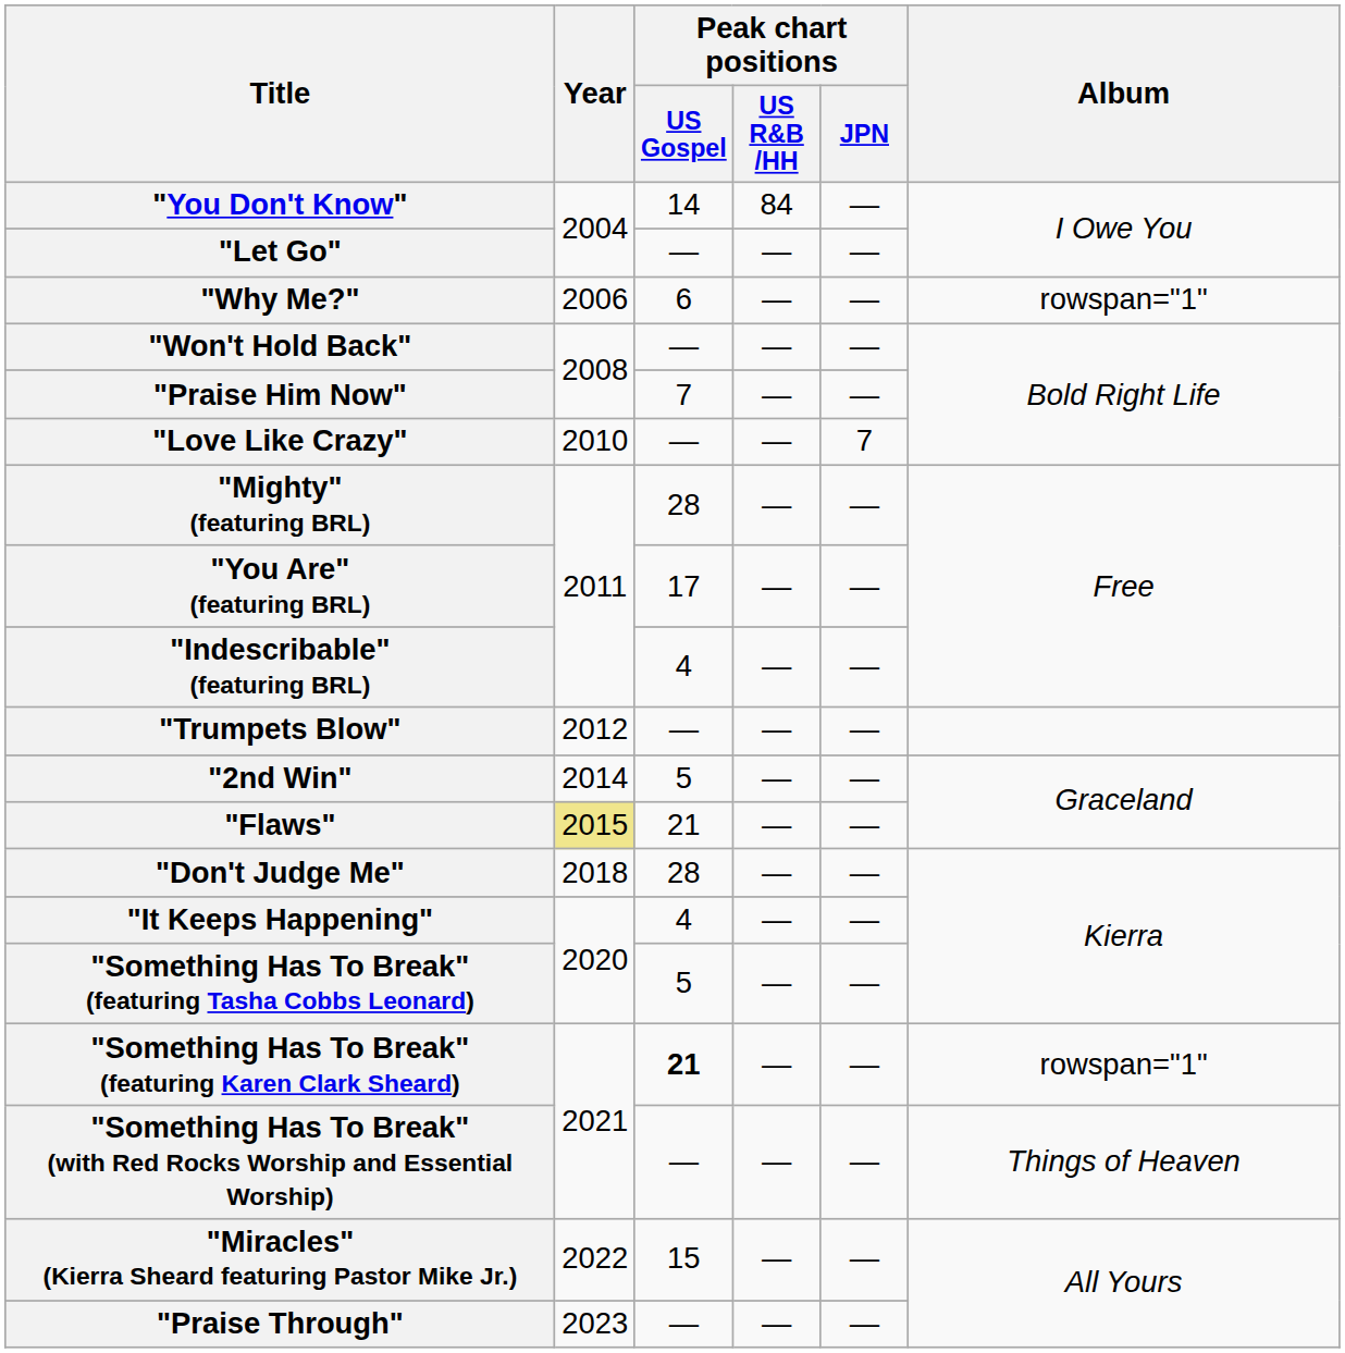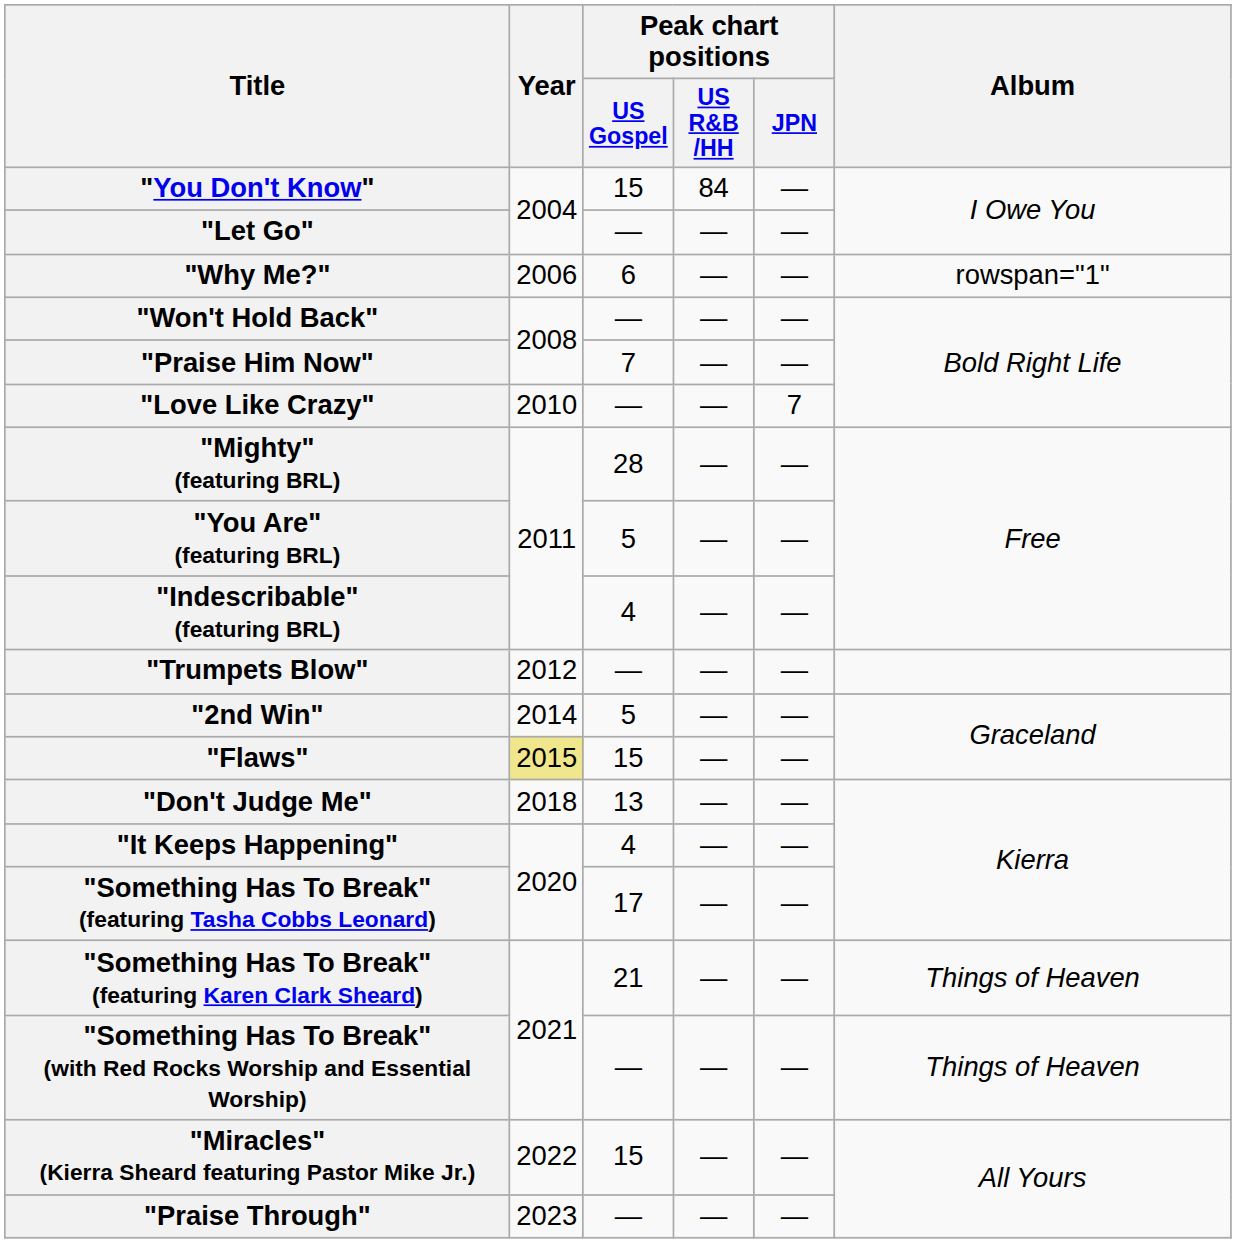 <table class="wikitable plainrowheaders" style="text-align:center;" border="1">
 <tr>
 <th scope="col" rowspan="2" style="width:18em;">Title</th>
 <th scope="col" rowspan="2" style="width:2em;">Year</th>
 <th scope="col" colspan="3">Peak chart positions</th>
 <th scope="col" rowspan="2" style="width:14em;">Album</th>
 </tr>
 <tr>
 <th scope="col" style="width:3em;font-size:85%;"><a href='#'>US<br>Gospel</a><br></th>
 <th scope="col" style="width:3em;font-size:85%;"><a href='#'>US<br>R&B<br>/HH</a><br></th>
 <th scope="col" style="width:3em;font-size:85%;"><a href='#'>JPN</a><br></th>
 </tr>
 <tr>
 <th scope="row">"<a href='#'>You Don't Know</a>"</th>
 <td rowspan="2">2004</td>
-<td>14</td>
+<td>15</td>
 <td>84</td>
 <td>—</td>
 <td rowspan="2"><em>I Owe You</em></td>
 </tr>
 <tr>
 <th scope="row">"Let Go"</th>
 <td>—</td>
 <td>—</td>
 <td>—</td>
 </tr>
 <tr>
 <th scope="row">"Why Me?"</th>
 <td rowspan="1">2006</td>
 <td>6</td>
 <td>—</td>
 <td>—</td>
 <td>rowspan="1" </td>
 </tr>
 <tr>
 <th scope="row">"Won't Hold Back"</th>
 <td rowspan="2">2008</td>
 <td>—</td>
 <td>—</td>
 <td>—</td>
 <td rowspan="3"><em>Bold Right Life</em></td>
 </tr>
 <tr>
 <th scope="row">"Praise Him Now"</th>
 <td>7</td>
 <td>—</td>
 <td>—</td>
 </tr>
 <tr>
 <th scope="row">"Love Like Crazy"</th>
 <td rowspan="1">2010</td>
 <td>—</td>
 <td>—</td>
 <td>7</td>
 </tr>
 <tr>
 <th scope="row">"Mighty"<br><small>(featuring BRL)</small></th>
 <td rowspan="3">2011</td>
 <td>28</td>
 <td>—</td>
 <td>—</td>
 <td rowspan="3"><em>Free</em></td>
 </tr>
 <tr>
 <th scope="row">"You Are"<br><small>(featuring BRL)</small></th>
-<td>17</td>
+<td>5</td>
 <td>—</td>
 <td>—</td>
 </tr>
 <tr>
 <th scope="row">"Indescribable"<br><small>(featuring BRL)</small></th>
 <td>4</td>
 <td>—</td>
 <td>—</td>
 </tr>
 <tr>
 <th scope="row">"Trumpets Blow"</th>
 <td rowspan="1">2012</td>
 <td>—</td>
 <td>—</td>
 <td>—</td>
 <td></td>
 </tr>
 <tr>
 <th scope="row">"2nd Win"</th>
 <td rowspan="1">2014</td>
 <td>5</td>
 <td>—</td>
 <td>—</td>
 <td rowspan="2"><em>Graceland</em></td>
 </tr>
 <tr>
 <th scope="row">"Flaws"</th>
 <td rowspan="1" style="background: khaki;">2015</td>
-<td>21</td>
+<td>15</td>
 <td>—</td>
 <td>—</td>
 </tr>
 <tr>
 <th scope="row">"Don't Judge Me"</th>
 <td rowspan="1">2018</td>
-<td>28</td>
+<td>13</td>
 <td>—</td>
 <td>—</td>
 <td rowspan="3"><em>Kierra</em></td>
 </tr>
 <tr>
 <th scope="row">"It Keeps Happening"</th>
 <td rowspan="2">2020</td>
 <td>4</td>
 <td>—</td>
 <td>—</td>
 </tr>
 <tr>
 <th scope="row">"Something Has To Break"<br><small>(featuring <a href='#'>Tasha Cobbs Leonard</a>)</small></th>
-<td>5</td>
+<td>17</td>
 <td>—</td>
 <td>—</td>
 </tr>
 <tr>
 <th scope="row">"Something Has To Break"<br><small>(featuring <a href='#'>Karen Clark Sheard</a>)</small></th>
 <td rowspan="2">2021</td>
-<td><strong>21</strong></td>
+<td>21</td>
 <td>—</td>
 <td>—</td>
-<td>rowspan="1" </td>
+<td><em>Things of Heaven</em></td>
 </tr>
 <tr>
 <th scope="row">"Something Has To Break"<br><small>(with Red Rocks Worship and Essential Worship)</small></th>
 <td>—</td>
 <td>—</td>
 <td>—</td>
 <td><em>Things of Heaven</em></td>
 </tr>
 <tr>
 <th scope="row">"Miracles"<br><small>(Kierra Sheard featuring Pastor Mike Jr.)</small></th>
 <td rowspan="1">2022</td>
 <td>15</td>
 <td>—</td>
 <td>—</td>
 <td rowspan="2"><em>All Yours</em></td>
 </tr>
 <tr>
 <th scope="row">"Praise Through"</th>
 <td>2023</td>
 <td>—</td>
 <td>—</td>
 <td>—</td>
 </tr>
 </table>
